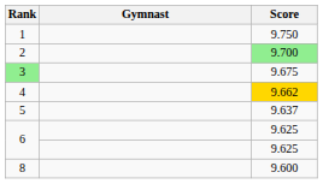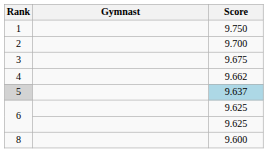 <table class="wikitable" style="text-align:center">
 <tr>
 <th>Rank</th>
 <th style="width:17em">Gymnast</th>
 <th style="width:5em">Score</th>
 </tr>
 <tr>
 <td>1</td>
 <td align=left></td>
 <td>9.750</td>
 </tr>
 <tr>
 <td>2</td>
 <td align=left></td>
-<td style="background: lightgreen;">9.700</td>
+<td>9.700</td>
 </tr>
 <tr>
-<td style="background: lightgreen;">3</td>
+<td>3</td>
 <td align=left></td>
 <td>9.675</td>
 </tr>
 <tr>
 <td>4</td>
 <td align=left></td>
-<td style="background: gold;">9.662</td>
+<td>9.662</td>
 </tr>
 <tr>
-<td>5</td>
+<td style="background: lightgrey;">5</td>
 <td align=left></td>
-<td>9.637</td>
+<td style="background: lightblue;">9.637</td>
 </tr>
 <tr>
 <td rowspan=2>6</td>
 <td align=left></td>
 <td>9.625</td>
 </tr>
 <tr>
 <td align=left></td>
 <td>9.625</td>
 </tr>
 <tr>
 <td>8</td>
 <td align=left></td>
 <td>9.600</td>
 </tr>
 </table>
